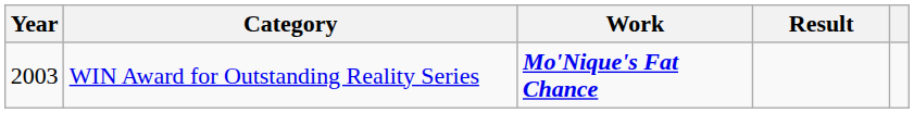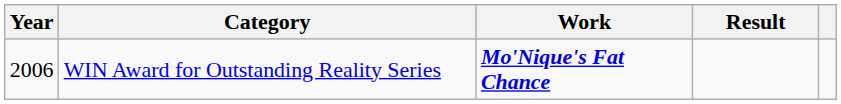 <table class="wikitable">
 <tr>
 <th scope="col" style="width:1em;">Year</th>
 <th scope="col" style="width:44em;">Category</th>
 <th scope="col" style="width:18em;">Work</th>
 <th scope="col" style="width:10em;">Result</th>
 <th class="unsortable" style="width:1em;"></th>
 </tr>
 <tr>
-<td>2003</td>
+<td>2006</td>
 <td><a href='#'>WIN Award for Outstanding Reality Series</a> </td>
 <td><strong><em><a href='#'>Mo'Nique's Fat Chance</a></em></strong></td>
 <td></td>
 <td></td>
 </tr>
 </table>
